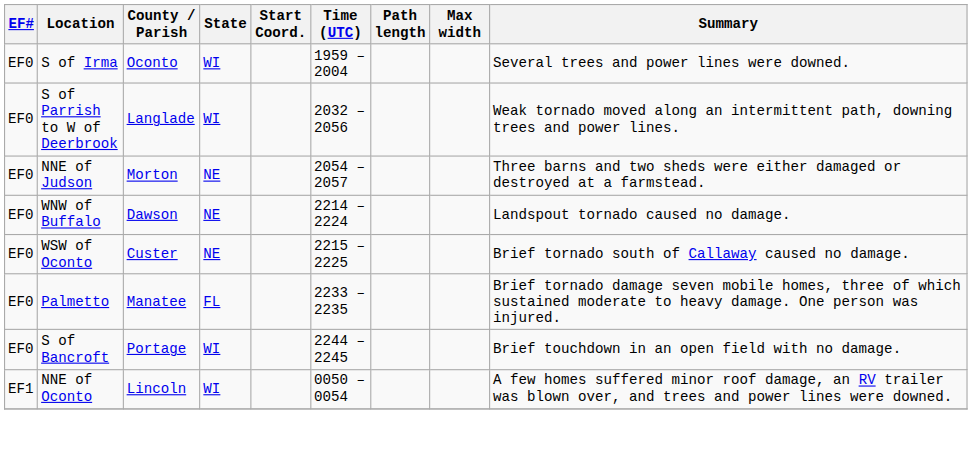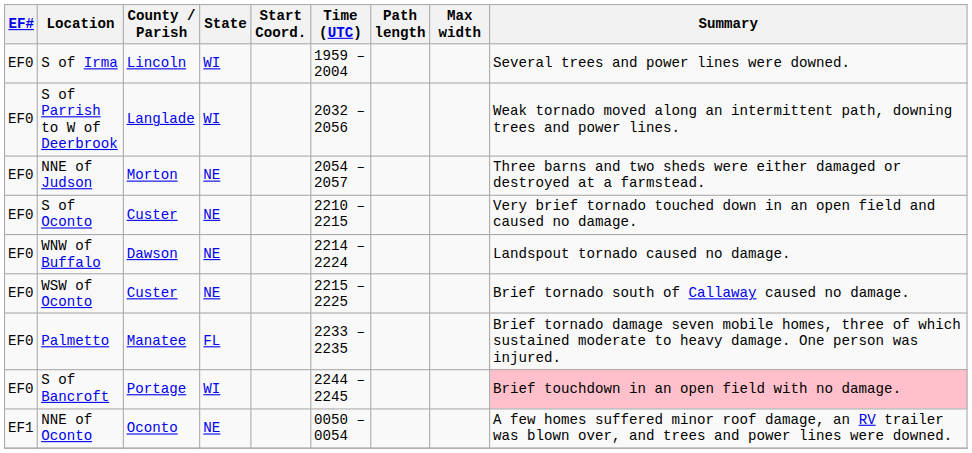 <table class="wikitable sortable" style="width:100%;">
 <tr>
 <th scope="col" width="3%" align="center"><a href='#'>EF#</a></th>
 <th scope="col" width="7%" align="center" class="unsortable">Location</th>
 <th scope="col" width="6%" align="center" class="unsortable">County / Parish</th>
 <th scope="col" width="5%" align="center">State</th>
 <th scope="col" width="6%" align="center">Start Coord.</th>
 <th scope="col" width="6%" align="center">Time (<a href='#'>UTC</a>)</th>
 <th scope="col" width="6%" align="center">Path length</th>
 <th scope="col" width="6%" align="center">Max width</th>
 <th scope="col" width="48%" class="unsortable" align="center">Summary</th>
 </tr>
 <tr>
 <td>EF0</td>
 <td>S of <a href='#'>Irma</a></td>
-<td><a href='#'>Oconto</a></td>
+<td><a href='#'>Lincoln</a></td>
 <td><a href='#'>WI</a></td>
 <td></td>
 <td>1959 – 2004</td>
 <td></td>
 <td></td>
 <td>Several trees and power lines were downed.</td>
 </tr>
 <tr>
 <td>EF0</td>
 <td>S of <a href='#'>Parrish</a> to W of <a href='#'>Deerbrook</a></td>
 <td><a href='#'>Langlade</a></td>
 <td><a href='#'>WI</a></td>
 <td></td>
 <td>2032 – 2056</td>
 <td></td>
 <td></td>
 <td>Weak tornado moved along an intermittent path, downing trees and power lines.</td>
 </tr>
 <tr>
 <td>EF0</td>
 <td>NNE of <a href='#'>Judson</a></td>
 <td><a href='#'>Morton</a></td>
 <td><a href='#'>NE</a></td>
 <td></td>
 <td>2054 – 2057</td>
 <td></td>
 <td></td>
 <td>Three barns and two sheds were either damaged or destroyed at a farmstead.</td>
+</tr>
+<tr>
+<td>EF0</td>
+<td>S of <a href='#'>Oconto</a></td>
+<td><a href='#'>Custer</a></td>
+<td><a href='#'>NE</a></td>
+<td></td>
+<td>2210 – 2215</td>
+<td></td>
+<td></td>
+<td>Very brief tornado touched down in an open field and caused no damage.</td>
 </tr>
 <tr>
 <td>EF0</td>
 <td>WNW of <a href='#'>Buffalo</a></td>
 <td><a href='#'>Dawson</a></td>
 <td><a href='#'>NE</a></td>
 <td></td>
 <td>2214 – 2224</td>
 <td></td>
 <td></td>
 <td>Landspout tornado caused no damage.</td>
 </tr>
 <tr>
 <td>EF0</td>
 <td>WSW of <a href='#'>Oconto</a></td>
 <td><a href='#'>Custer</a></td>
 <td><a href='#'>NE</a></td>
 <td></td>
 <td>2215 – 2225</td>
 <td></td>
 <td></td>
 <td>Brief tornado south of <a href='#'>Callaway</a> caused no damage.</td>
 </tr>
 <tr>
 <td>EF0</td>
 <td><a href='#'>Palmetto</a></td>
 <td><a href='#'>Manatee</a></td>
 <td><a href='#'>FL</a></td>
 <td></td>
 <td>2233 – 2235</td>
 <td></td>
 <td></td>
 <td>Brief tornado damage seven mobile homes, three of which sustained moderate to heavy damage. One person was injured.</td>
 </tr>
 <tr>
 <td>EF0</td>
 <td>S of <a href='#'>Bancroft</a></td>
 <td><a href='#'>Portage</a></td>
 <td><a href='#'>WI</a></td>
 <td></td>
 <td>2244 – 2245</td>
 <td></td>
 <td></td>
-<td>Brief touchdown in an open field with no damage.</td>
+<td style="background: pink;">Brief touchdown in an open field with no damage.</td>
 </tr>
 <tr>
 <td>EF1</td>
 <td>NNE of <a href='#'>Oconto</a></td>
-<td><a href='#'>Lincoln</a></td>
-<td><a href='#'>WI</a></td>
+<td><a href='#'>Oconto</a></td>
+<td><a href='#'>NE</a></td>
 <td></td>
 <td>0050 – 0054</td>
 <td></td>
 <td></td>
 <td>A few homes suffered minor roof damage, an <a href='#'>RV</a> trailer was blown over, and trees and power lines were downed.</td>
 </tr>
 <tr>
 </tr>
 </table>
